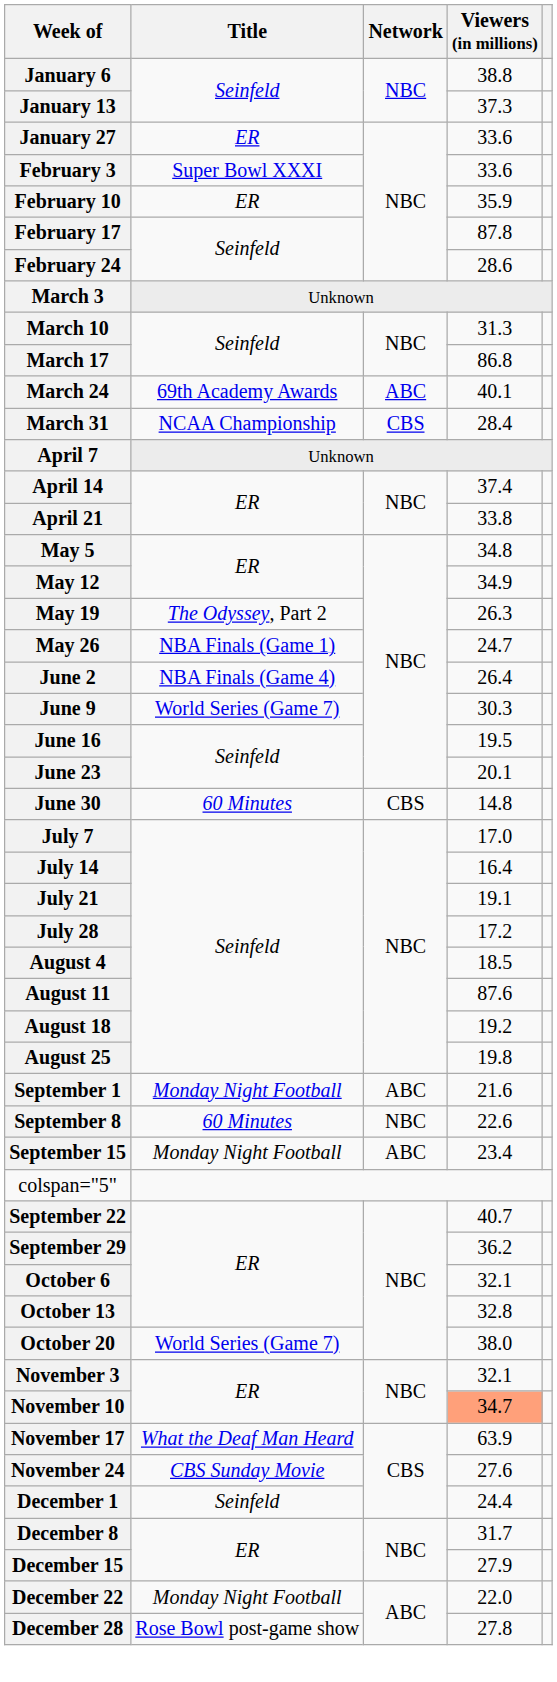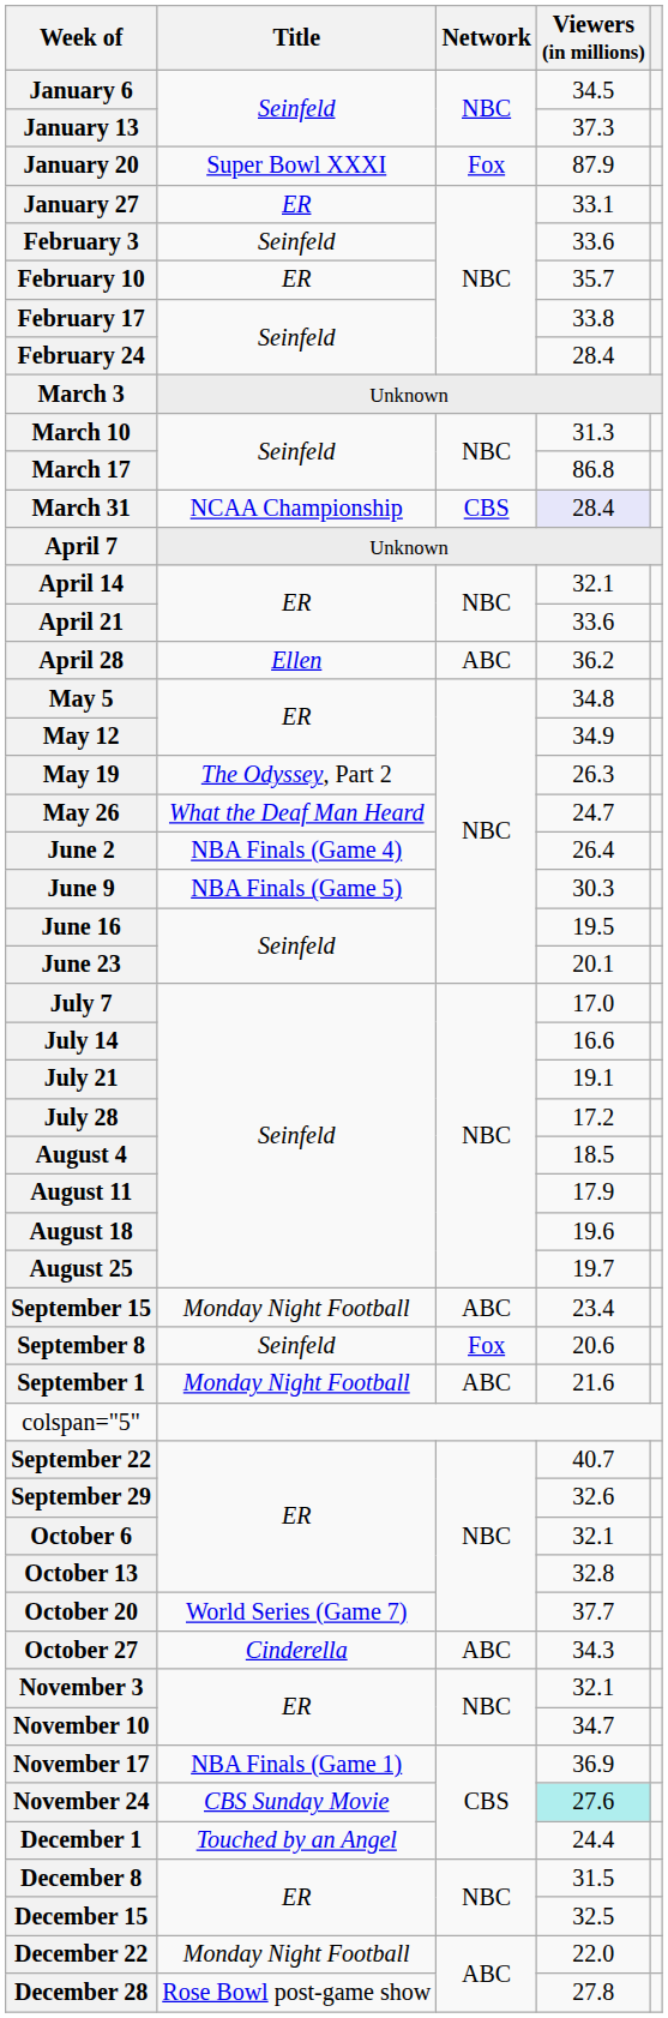 <table class="wikitable plainrowheaders" style="text-align: center; display: inline-table;">
 <tr>
 <th>Week of</th>
 <th>Title</th>
 <th>Network</th>
 <th>Viewers<br><small>(in millions)</small></th>
 <th></th>
 </tr>
 <tr>
 <th scope="row">January 6</th>
 <td rowspan="2"><em><a href='#'>Seinfeld</a></em></td>
 <td rowspan="2"><a href='#'>NBC</a></td>
-<td>38.8</td>
+<td>34.5</td>
 <td></td>
 </tr>
 <tr>
 <th scope="row">January 13</th>
 <td>37.3</td>
 <td></td>
 </tr>
 <tr>
+<th scope="row">January 20</th>
+<td><a href='#'>Super Bowl XXXI</a></td>
+<td><a href='#'>Fox</a></td>
+<td>87.9</td>
+<td></td>
+</tr>
+<tr>
 <th scope="row">January 27</th>
 <td><em><a href='#'>ER</a></em></td>
 <td rowspan="5">NBC</td>
-<td>33.6</td>
+<td>33.1</td>
 <td></td>
 </tr>
 <tr>
 <th scope="row">February 3</th>
-<td><a href='#'>Super Bowl XXXI</a></td>
+<td><em>Seinfeld</em></td>
 <td>33.6</td>
 <td></td>
 </tr>
 <tr>
 <th scope="row">February 10</th>
 <td><em>ER</em></td>
-<td>35.9</td>
+<td>35.7</td>
 <td></td>
 </tr>
 <tr>
 <th scope="row">February 17</th>
 <td rowspan="2"><em>Seinfeld</em></td>
-<td>87.8</td>
+<td>33.8</td>
 <td></td>
 </tr>
 <tr>
 <th scope="row">February 24</th>
-<td>28.6</td>
+<td>28.4</td>
 <td></td>
 </tr>
 <tr>
 <th scope="row">March 3</th>
 <td colspan="4" style="background:#ECECEC;"><small>Unknown</small></td>
 </tr>
 <tr>
 <th scope="row">March 10</th>
 <td rowspan="2"><em>Seinfeld</em></td>
 <td rowspan="2">NBC</td>
 <td>31.3</td>
 <td></td>
 </tr>
 <tr>
 <th scope="row">March 17</th>
 <td>86.8</td>
 <td></td>
 </tr>
 <tr>
-<th scope="row">March 24</th>
-<td><a href='#'>69th Academy Awards</a></td>
-<td><a href='#'>ABC</a></td>
-<td>40.1</td>
-<td></td>
-</tr>
-<tr>
 <th scope="row">March 31</th>
 <td><a href='#'>NCAA Championship</a></td>
 <td><a href='#'>CBS</a></td>
-<td>28.4</td>
+<td style="background: lavender;">28.4</td>
 <td></td>
 </tr>
 <tr>
 <th scope="row">April 7</th>
 <td colspan="4" style="background:#ECECEC;"><small>Unknown</small></td>
 </tr>
 <tr>
 <th scope="row">April 14</th>
 <td rowspan="2"><em>ER</em></td>
 <td rowspan="2">NBC</td>
-<td>37.4</td>
+<td>32.1</td>
 <td></td>
 </tr>
 <tr>
 <th scope="row">April 21</th>
-<td>33.8</td>
+<td>33.6</td>
+<td></td>
+</tr>
+<tr>
+<th scope="row">April 28</th>
+<td><em><a href='#'>Ellen</a></em></td>
+<td>ABC</td>
+<td>36.2</td>
 <td></td>
 </tr>
 <tr>
 <th scope="row">May 5</th>
 <td rowspan="2"><em>ER</em></td>
 <td rowspan="8">NBC</td>
 <td>34.8</td>
 <td></td>
 </tr>
 <tr>
 <th scope="row">May 12</th>
 <td>34.9</td>
 <td></td>
 </tr>
 <tr>
 <th scope="row">May 19</th>
 <td><em><a href='#'>The Odyssey</a></em>, Part 2</td>
 <td>26.3</td>
 <td></td>
 </tr>
 <tr>
 <th scope="row">May 26</th>
-<td><a href='#'>NBA Finals (Game 1)</a></td>
+<td><em><a href='#'>What the Deaf Man Heard</a></em></td>
 <td>24.7</td>
 <td></td>
 </tr>
 <tr>
 <th scope="row">June 2</th>
 <td><a href='#'>NBA Finals (Game 4)</a></td>
 <td>26.4</td>
 <td></td>
 </tr>
 <tr>
 <th scope="row">June 9</th>
-<td><a href='#'>World Series (Game 7)</a></td>
+<td><a href='#'>NBA Finals (Game 5)</a></td>
 <td>30.3</td>
 <td></td>
 </tr>
 <tr>
 <th scope="row">June 16</th>
 <td rowspan="2"><em>Seinfeld</em></td>
 <td>19.5</td>
 <td></td>
 </tr>
 <tr>
 <th scope="row">June 23</th>
 <td>20.1</td>
 <td></td>
 </tr>
 <tr>
-<th scope="row">June 30</th>
-<td><em><a href='#'>60 Minutes</a></em></td>
-<td>CBS</td>
-<td>14.8</td>
-<td></td>
-</tr>
-<tr>
 <th scope="row">July 7</th>
 <td rowspan="8"><em>Seinfeld</em></td>
 <td rowspan="8">NBC</td>
 <td>17.0</td>
 <td></td>
 </tr>
 <tr>
 <th scope="row">July 14</th>
-<td>16.4</td>
+<td>16.6</td>
 <td></td>
 </tr>
 <tr>
 <th scope="row">July 21</th>
 <td>19.1</td>
 <td></td>
 </tr>
 <tr>
 <th scope="row">July 28</th>
 <td>17.2</td>
 <td></td>
 </tr>
 <tr>
 <th scope="row">August 4</th>
 <td>18.5</td>
 <td></td>
 </tr>
 <tr>
 <th scope="row">August 11</th>
-<td>87.6</td>
+<td>17.9</td>
 <td></td>
 </tr>
 <tr>
 <th scope="row">August 18</th>
-<td>19.2</td>
+<td>19.6</td>
 <td></td>
 </tr>
 <tr>
 <th scope="row">August 25</th>
-<td>19.8</td>
+<td>19.7</td>
+<td></td>
+</tr>
+<tr>
+<th scope="row">September 15</th>
+<td><em>Monday Night Football</em></td>
+<td>ABC</td>
+<td>23.4</td>
+<td></td>
+</tr>
+<tr>
+<th scope="row">September 8</th>
+<td><em>Seinfeld</em></td>
+<td><a href='#'>Fox</a></td>
+<td>20.6</td>
 <td></td>
 </tr>
 <tr>
 <th scope="row">September 1</th>
 <td><em><a href='#'>Monday Night Football</a></em></td>
 <td>ABC</td>
 <td>21.6</td>
-<td></td>
-</tr>
-<tr>
-<th scope="row">September 8</th>
-<td><em><a href='#'>60 Minutes</a></em></td>
-<td>NBC</td>
-<td>22.6</td>
-<td></td>
-</tr>
-<tr>
-<th scope="row">September 15</th>
-<td><em>Monday Night Football</em></td>
-<td>ABC</td>
-<td>23.4</td>
 <td></td>
 </tr>
 <tr>
 <td>colspan="5" </td>
 </tr>
 <tr>
 <th scope="row">September 22</th>
 <td rowspan="4"><em>ER</em></td>
 <td rowspan="5">NBC</td>
 <td>40.7</td>
 <td></td>
 </tr>
 <tr>
 <th scope="row">September 29</th>
-<td>36.2</td>
+<td>32.6</td>
 <td></td>
 </tr>
 <tr>
 <th scope="row">October 6</th>
 <td>32.1</td>
 <td></td>
 </tr>
 <tr>
 <th scope="row">October 13</th>
 <td>32.8</td>
 <td></td>
 </tr>
 <tr>
 <th scope="row">October 20</th>
 <td><a href='#'>World Series (Game 7)</a></td>
-<td>38.0</td>
+<td>37.7</td>
+<td></td>
+</tr>
+<tr>
+<th scope="row">October 27</th>
+<td><em><a href='#'>Cinderella</a></em></td>
+<td>ABC</td>
+<td>34.3</td>
 <td></td>
 </tr>
 <tr>
 <th scope="row">November 3</th>
 <td rowspan="2"><em>ER</em></td>
 <td rowspan="2">NBC</td>
 <td>32.1</td>
 <td></td>
 </tr>
 <tr>
 <th scope="row">November 10</th>
-<td style="background: lightsalmon;">34.7</td>
+<td>34.7</td>
 <td></td>
 </tr>
 <tr>
 <th scope="row">November 17</th>
-<td><em><a href='#'>What the Deaf Man Heard</a></em></td>
+<td><a href='#'>NBA Finals (Game 1)</a></td>
 <td rowspan="3">CBS</td>
-<td>63.9</td>
+<td>36.9</td>
 <td></td>
 </tr>
 <tr>
 <th scope="row">November 24</th>
 <td><em><a href='#'>CBS Sunday Movie</a></em></td>
-<td>27.6</td>
+<td style="background: paleturquoise;">27.6</td>
 <td></td>
 </tr>
 <tr>
 <th scope="row">December 1</th>
-<td><em>Seinfeld</em></td>
+<td><em><a href='#'>Touched by an Angel</a></em></td>
 <td>24.4</td>
 <td></td>
 </tr>
 <tr>
 <th scope="row">December 8</th>
 <td rowspan="2"><em>ER</em></td>
 <td rowspan="2">NBC</td>
-<td>31.7</td>
+<td>31.5</td>
 <td></td>
 </tr>
 <tr>
 <th scope="row">December 15</th>
-<td>27.9</td>
+<td>32.5</td>
 <td></td>
 </tr>
 <tr>
 <th scope="row">December 22</th>
 <td><em>Monday Night Football</em></td>
 <td rowspan="2">ABC</td>
 <td>22.0</td>
 <td></td>
 </tr>
 <tr>
 <th scope="row">December 28</th>
 <td><a href='#'>Rose Bowl</a> post-game show</td>
 <td>27.8</td>
 <td></td>
 </tr>
 </table>
